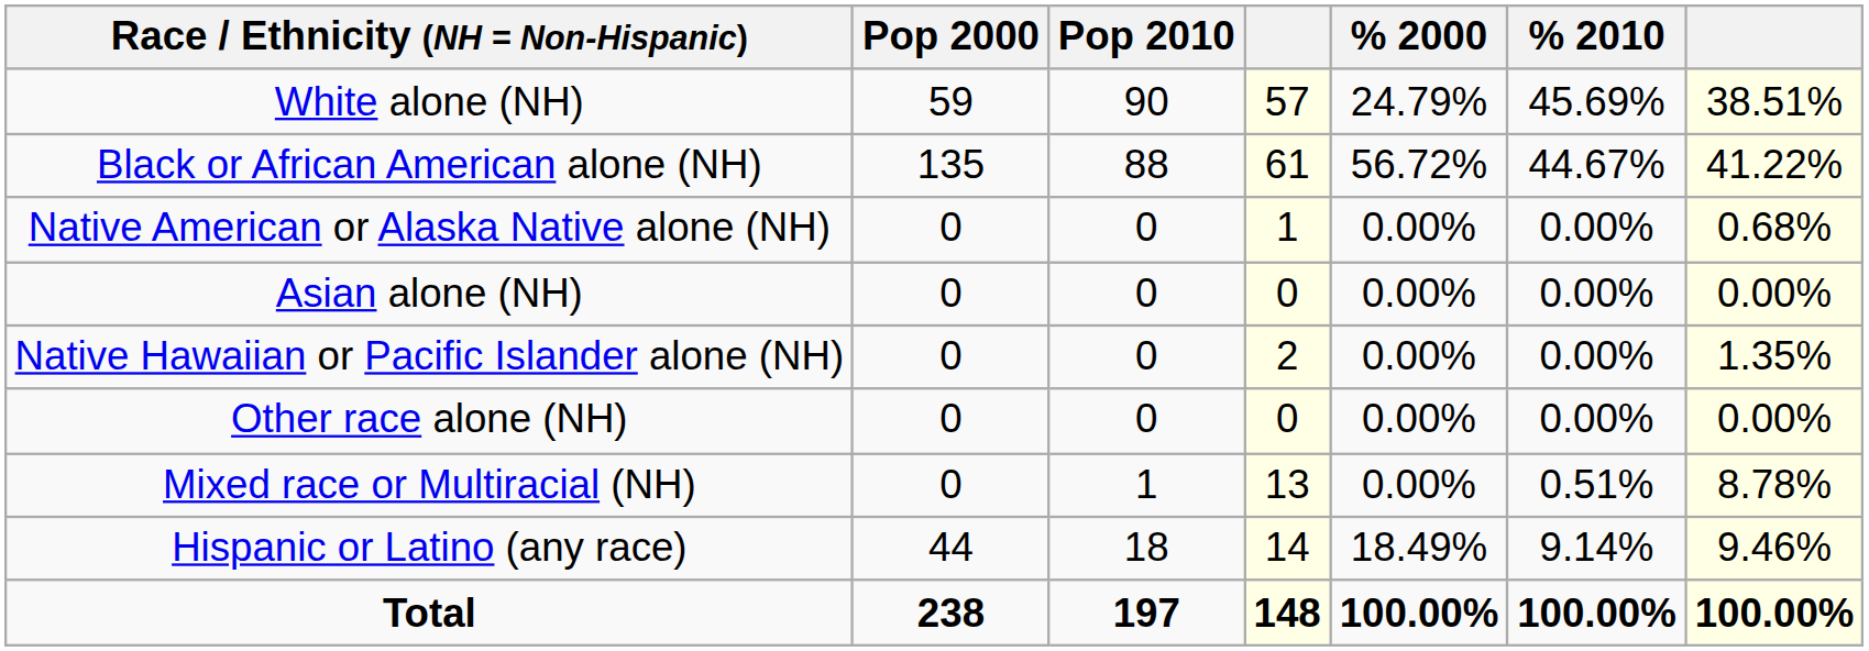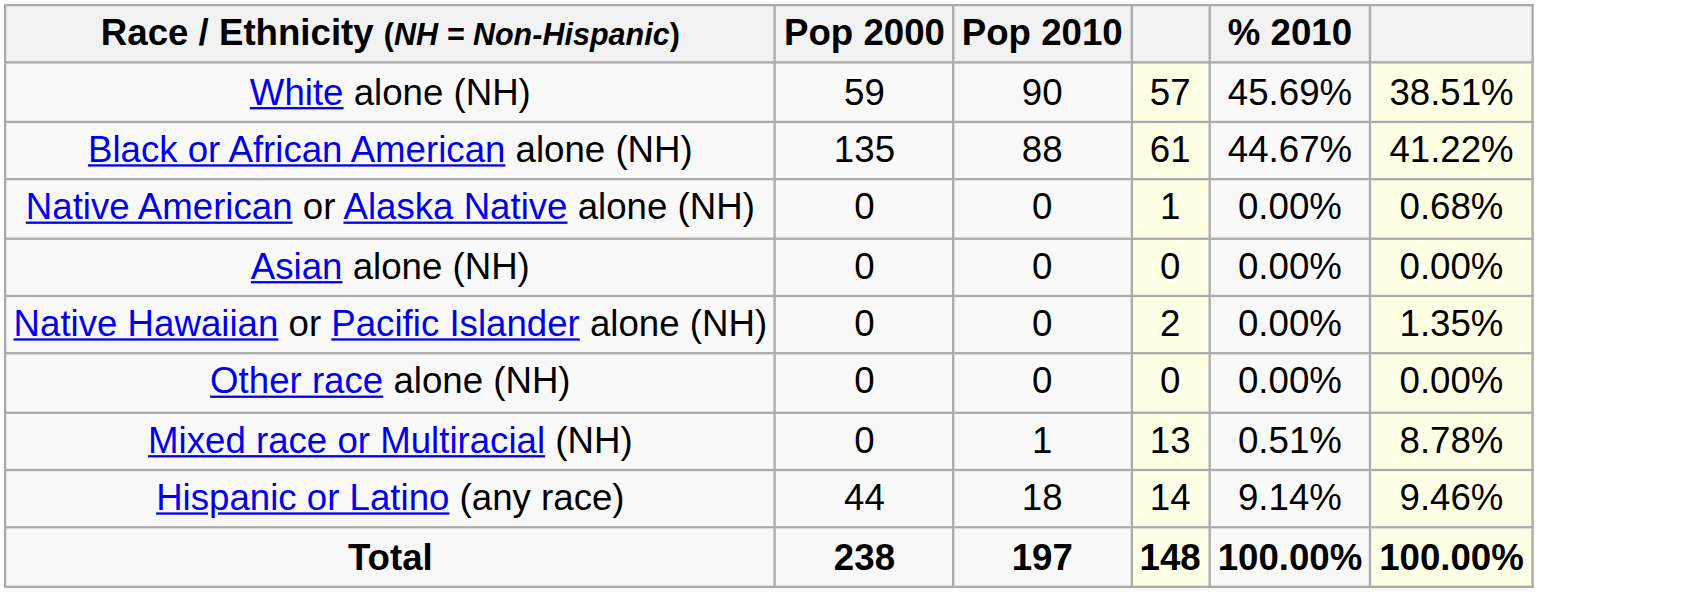 <table class="wikitable" style="text-align:center;">
 <tr>
 <th>Race / Ethnicity <small>(<em>NH = Non-Hispanic</em>)</small></th>
 <th>Pop 2000</th>
 <th>Pop 2010</th>
 <th></th>
-<th>% 2000</th>
 <th>% 2010</th>
 <th></th>
 </tr>
 <tr>
 <td><a href='#'>White</a> alone (NH)</td>
 <td>59</td>
 <td>90</td>
 <td style='background: #ffffe6;'>57</td>
-<td>24.79%</td>
 <td>45.69%</td>
 <td style='background: #ffffe6;'>38.51%</td>
 </tr>
 <tr>
 <td><a href='#'>Black or African American</a> alone (NH)</td>
 <td>135</td>
 <td>88</td>
 <td style='background: #ffffe6;'>61</td>
-<td>56.72%</td>
 <td>44.67%</td>
 <td style='background: #ffffe6;'>41.22%</td>
 </tr>
 <tr>
 <td><a href='#'>Native American</a> or <a href='#'>Alaska Native</a> alone (NH)</td>
 <td>0</td>
 <td>0</td>
 <td style='background: #ffffe6;'>1</td>
 <td>0.00%</td>
-<td>0.00%</td>
 <td style='background: #ffffe6;'>0.68%</td>
 </tr>
 <tr>
 <td><a href='#'>Asian</a> alone (NH)</td>
 <td>0</td>
 <td>0</td>
 <td style='background: #ffffe6;'>0</td>
-<td>0.00%</td>
 <td>0.00%</td>
 <td style='background: #ffffe6;'>0.00%</td>
 </tr>
 <tr>
 <td><a href='#'>Native Hawaiian</a> or <a href='#'>Pacific Islander</a> alone (NH)</td>
 <td>0</td>
 <td>0</td>
 <td style='background: #ffffe6;'>2</td>
 <td>0.00%</td>
-<td>0.00%</td>
 <td style='background: #ffffe6;'>1.35%</td>
 </tr>
 <tr>
 <td><a href='#'>Other race</a> alone (NH)</td>
 <td>0</td>
 <td>0</td>
 <td style='background: #ffffe6;'>0</td>
 <td>0.00%</td>
-<td>0.00%</td>
 <td style='background: #ffffe6;'>0.00%</td>
 </tr>
 <tr>
 <td><a href='#'>Mixed race or Multiracial</a> (NH)</td>
 <td>0</td>
 <td>1</td>
 <td style='background: #ffffe6;'>13</td>
-<td>0.00%</td>
 <td>0.51%</td>
 <td style='background: #ffffe6;'>8.78%</td>
 </tr>
 <tr>
 <td><a href='#'>Hispanic or Latino</a> (any race)</td>
 <td>44</td>
 <td>18</td>
 <td style='background: #ffffe6;'>14</td>
-<td>18.49%</td>
 <td>9.14%</td>
 <td style='background: #ffffe6;'>9.46%</td>
 </tr>
 <tr>
 <td><strong>Total</strong></td>
 <td><strong>238</strong></td>
 <td><strong>197</strong></td>
 <td style='background: #ffffe6;'><strong>148</strong></td>
 <td><strong>100.00%</strong></td>
-<td><strong>100.00%</strong></td>
 <td style='background: #ffffe6;'><strong>100.00%</strong></td>
 </tr>
 </table>
